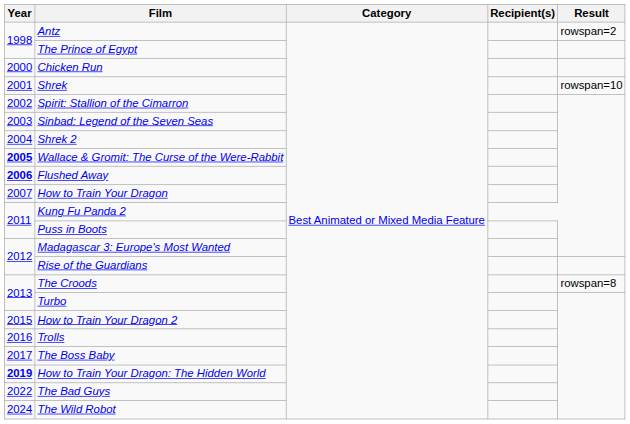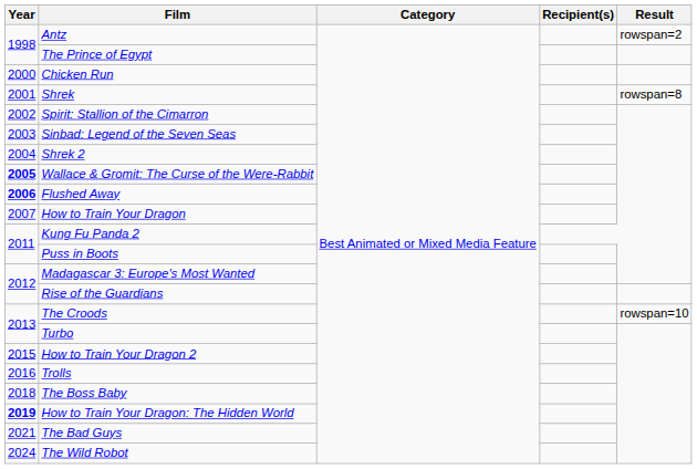 <table class="wikitable">
 <tr>
 <th>Year</th>
 <th>Film</th>
 <th>Category</th>
 <th>Recipient(s)</th>
 <th>Result</th>
 </tr>
 <tr>
 <td rowspan=2><a href='#'>1998</a></td>
 <td><em><a href='#'>Antz</a></em></td>
 <td rowspan=22><a href='#'>Best Animated or Mixed Media Feature</a></td>
 <td></td>
 <td>rowspan=2 </td>
 </tr>
 <tr>
 <td><em><a href='#'>The Prince of Egypt</a></em></td>
 <td></td>
 </tr>
 <tr>
 <td><a href='#'>2000</a></td>
 <td><em><a href='#'>Chicken Run</a></em></td>
 <td></td>
 <td></td>
 </tr>
 <tr>
 <td><a href='#'>2001</a></td>
 <td><em><a href='#'>Shrek</a></em></td>
 <td></td>
-<td>rowspan=10 </td>
+<td>rowspan=8 </td>
 </tr>
 <tr>
 <td><a href='#'>2002</a></td>
 <td><em><a href='#'>Spirit: Stallion of the Cimarron</a></em></td>
 <td></td>
 </tr>
 <tr>
 <td><a href='#'>2003</a></td>
 <td><em><a href='#'>Sinbad: Legend of the Seven Seas</a></em></td>
 <td></td>
 </tr>
 <tr>
 <td><a href='#'>2004</a></td>
 <td><em><a href='#'>Shrek 2</a></em></td>
 <td></td>
 </tr>
 <tr>
 <td><strong><a href='#'>2005</a></strong></td>
 <td><em><a href='#'>Wallace & Gromit: The Curse of the Were-Rabbit</a></em></td>
 <td></td>
 </tr>
 <tr>
 <td><strong><a href='#'>2006</a></strong></td>
 <td><em><a href='#'>Flushed Away</a></em></td>
 <td></td>
 </tr>
 <tr>
 <td><a href='#'>2007</a></td>
 <td><em><a href='#'>How to Train Your Dragon</a></em></td>
 <td></td>
 </tr>
 <tr>
 <td rowspan=2><a href='#'>2011</a></td>
 <td><em><a href='#'>Kung Fu Panda 2</a></em></td>
 </tr>
 <tr>
 <td><em><a href='#'>Puss in Boots</a></em></td>
 <td></td>
 </tr>
 <tr>
 <td rowspan=2><a href='#'>2012</a></td>
 <td><em><a href='#'>Madagascar 3: Europe's Most Wanted</a></em></td>
 <td></td>
 </tr>
 <tr>
 <td><em><a href='#'>Rise of the Guardians</a></em></td>
 <td></td>
 <td></td>
 </tr>
 <tr>
 <td rowspan=2><a href='#'>2013</a></td>
 <td><em><a href='#'>The Croods</a></em></td>
 <td></td>
-<td>rowspan=8 </td>
+<td>rowspan=10 </td>
 </tr>
 <tr>
 <td><em><a href='#'>Turbo</a></em></td>
 <td></td>
 </tr>
 <tr>
 <td><a href='#'>2015</a></td>
 <td><em><a href='#'>How to Train Your Dragon 2</a></em></td>
 <td></td>
 </tr>
 <tr>
 <td><a href='#'>2016</a></td>
 <td><em><a href='#'>Trolls</a></em></td>
 <td></td>
 </tr>
 <tr>
-<td><a href='#'>2017</a></td>
+<td><a href='#'>2018</a></td>
 <td><em><a href='#'>The Boss Baby</a></em></td>
 <td></td>
 </tr>
 <tr>
 <td><strong><a href='#'>2019</a></strong></td>
 <td><em><a href='#'>How to Train Your Dragon: The Hidden World</a></em></td>
 <td></td>
 </tr>
 <tr>
-<td><a href='#'>2022</a></td>
+<td><a href='#'>2021</a></td>
 <td><em><a href='#'>The Bad Guys</a></em></td>
 <td></td>
 </tr>
 <tr>
 <td><a href='#'>2024</a></td>
 <td><em><a href='#'>The Wild Robot</a></em></td>
 <td></td>
 </tr>
 </table>
